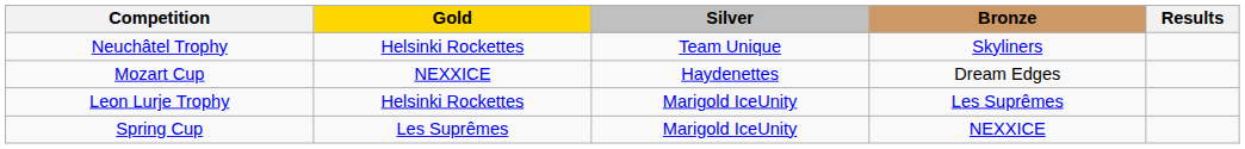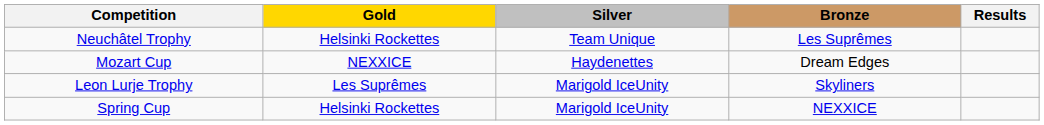 <table class="wikitable" style="text-align:center; width:90%;">
 <tr>
 <th scope="col" style="text-align:center; width:25%;">Competition</th>
 <td scope="col" style="text-align:center; width:22.5%; background:gold"><strong>Gold</strong></td>
 <td scope="col" style="text-align:center; width:22.5%; background:silver"><strong>Silver</strong></td>
 <td scope="col" style="text-align:center; width:22.5%; background:#c96"><strong>Bronze</strong></td>
 <th scope="col" style="text-align:center; width:7.5%;">Results</th>
 </tr>
 <tr>
 <td align="center"><a href='#'>Neuchâtel Trophy</a></td>
 <td><a href='#'>Helsinki Rockettes</a></td>
 <td><a href='#'>Team Unique</a></td>
-<td><a href='#'>Skyliners</a></td>
+<td><a href='#'>Les Suprêmes</a></td>
 <td></td>
 </tr>
 <tr>
 <td><a href='#'>Mozart Cup</a></td>
 <td><a href='#'>NEXXICE</a></td>
 <td><a href='#'>Haydenettes</a></td>
 <td>Dream Edges</td>
 <td></td>
 </tr>
 <tr>
 <td><a href='#'>Leon Lurje Trophy</a></td>
-<td><a href='#'>Helsinki Rockettes</a></td>
+<td><a href='#'>Les Suprêmes</a></td>
 <td><a href='#'>Marigold IceUnity</a></td>
-<td><a href='#'>Les Suprêmes</a></td>
+<td><a href='#'>Skyliners</a></td>
 <td></td>
 </tr>
 <tr>
 <td><a href='#'>Spring Cup</a></td>
-<td><a href='#'>Les Suprêmes</a></td>
+<td><a href='#'>Helsinki Rockettes</a></td>
 <td><a href='#'>Marigold IceUnity</a></td>
 <td><a href='#'>NEXXICE</a></td>
 <td></td>
 </tr>
 </table>
